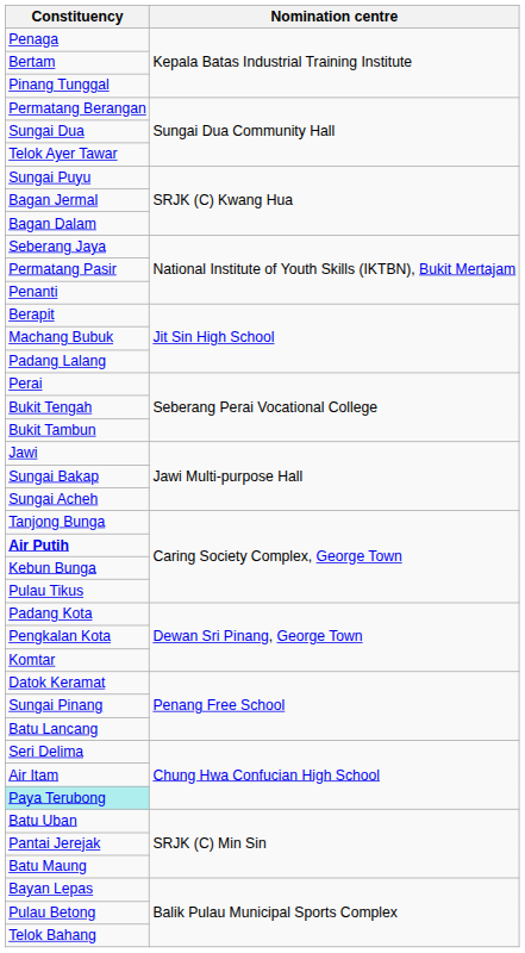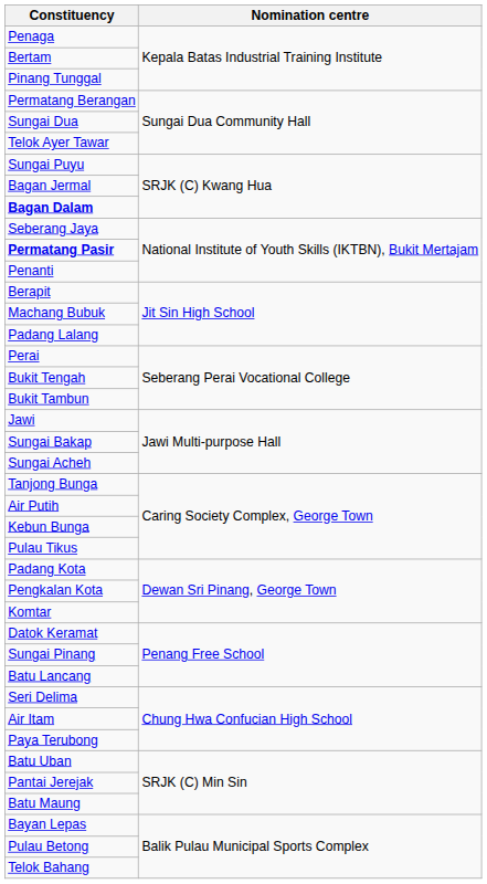 <table class="wikitable mw-collapsible">
 <tr>
 <th>Constituency</th>
 <th>Nomination centre</th>
 </tr>
 <tr>
 <td><a href='#'>Penaga</a></td>
 <td rowspan="3">Kepala Batas Industrial Training Institute</td>
 </tr>
 <tr>
 <td><a href='#'>Bertam</a></td>
 </tr>
 <tr>
 <td><a href='#'>Pinang Tunggal</a></td>
 </tr>
 <tr>
 <td><a href='#'>Permatang Berangan</a></td>
 <td rowspan="3">Sungai Dua Community Hall</td>
 </tr>
 <tr>
 <td><a href='#'>Sungai Dua</a></td>
 </tr>
 <tr>
 <td><a href='#'>Telok Ayer Tawar</a></td>
 </tr>
 <tr>
 <td><a href='#'>Sungai Puyu</a></td>
 <td rowspan="3">SRJK (C) Kwang Hua</td>
 </tr>
 <tr>
 <td><a href='#'>Bagan Jermal</a></td>
 </tr>
 <tr>
-<td><a href='#'>Bagan Dalam</a></td>
+<td><strong><a href='#'>Bagan Dalam</a></strong></td>
 </tr>
 <tr>
 <td><a href='#'>Seberang Jaya</a></td>
 <td rowspan="3">National Institute of Youth Skills (IKTBN), <a href='#'>Bukit Mertajam</a></td>
 </tr>
 <tr>
-<td><a href='#'>Permatang Pasir</a></td>
+<td><strong><a href='#'>Permatang Pasir</a></strong></td>
 </tr>
 <tr>
 <td><a href='#'>Penanti</a></td>
 </tr>
 <tr>
 <td><a href='#'>Berapit</a></td>
 <td rowspan="3"><a href='#'>Jit Sin High School</a></td>
 </tr>
 <tr>
 <td><a href='#'>Machang Bubuk</a></td>
 </tr>
 <tr>
 <td><a href='#'>Padang Lalang</a></td>
 </tr>
 <tr>
 <td><a href='#'>Perai</a></td>
 <td rowspan="3">Seberang Perai Vocational College</td>
 </tr>
 <tr>
 <td><a href='#'>Bukit Tengah</a></td>
 </tr>
 <tr>
 <td><a href='#'>Bukit Tambun</a></td>
 </tr>
 <tr>
 <td><a href='#'>Jawi</a></td>
 <td rowspan="3">Jawi Multi-purpose Hall</td>
 </tr>
 <tr>
 <td><a href='#'>Sungai Bakap</a></td>
 </tr>
 <tr>
 <td><a href='#'>Sungai Acheh</a></td>
 </tr>
 <tr>
 <td><a href='#'>Tanjong Bunga</a></td>
 <td rowspan="4">Caring Society Complex, <a href='#'>George Town</a></td>
 </tr>
 <tr>
-<td><strong><a href='#'>Air Putih</a></strong></td>
+<td><a href='#'>Air Putih</a></td>
 </tr>
 <tr>
 <td><a href='#'>Kebun Bunga</a></td>
 </tr>
 <tr>
 <td><a href='#'>Pulau Tikus</a></td>
 </tr>
 <tr>
 <td><a href='#'>Padang Kota</a></td>
 <td rowspan="3"><a href='#'>Dewan Sri Pinang</a>, <a href='#'>George Town</a></td>
 </tr>
 <tr>
 <td><a href='#'>Pengkalan Kota</a></td>
 </tr>
 <tr>
 <td><a href='#'>Komtar</a></td>
 </tr>
 <tr>
 <td><a href='#'>Datok Keramat</a></td>
 <td rowspan="3"><a href='#'>Penang Free School</a></td>
 </tr>
 <tr>
 <td><a href='#'>Sungai Pinang</a></td>
 </tr>
 <tr>
 <td><a href='#'>Batu Lancang</a></td>
 </tr>
 <tr>
 <td><a href='#'>Seri Delima</a></td>
 <td rowspan="3"><a href='#'>Chung Hwa Confucian High School</a></td>
 </tr>
 <tr>
 <td><a href='#'>Air Itam</a></td>
 </tr>
 <tr>
-<td style="background: paleturquoise;"><a href='#'>Paya Terubong</a></td>
+<td><a href='#'>Paya Terubong</a></td>
 </tr>
 <tr>
 <td><a href='#'>Batu Uban</a></td>
 <td rowspan="3">SRJK (C) Min Sin</td>
 </tr>
 <tr>
 <td><a href='#'>Pantai Jerejak</a></td>
 </tr>
 <tr>
 <td><a href='#'>Batu Maung</a></td>
 </tr>
 <tr>
 <td><a href='#'>Bayan Lepas</a></td>
 <td rowspan="3">Balik Pulau Municipal Sports Complex</td>
 </tr>
 <tr>
 <td><a href='#'>Pulau Betong</a></td>
 </tr>
 <tr>
 <td><a href='#'>Telok Bahang</a></td>
 </tr>
 </table>
